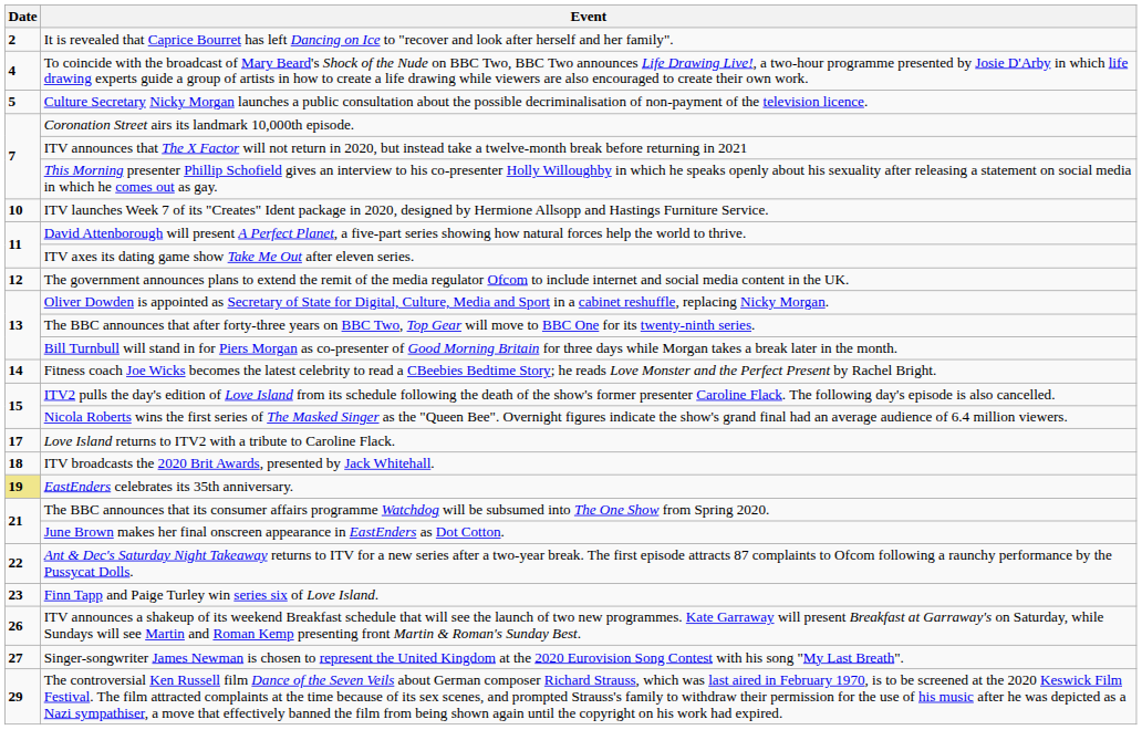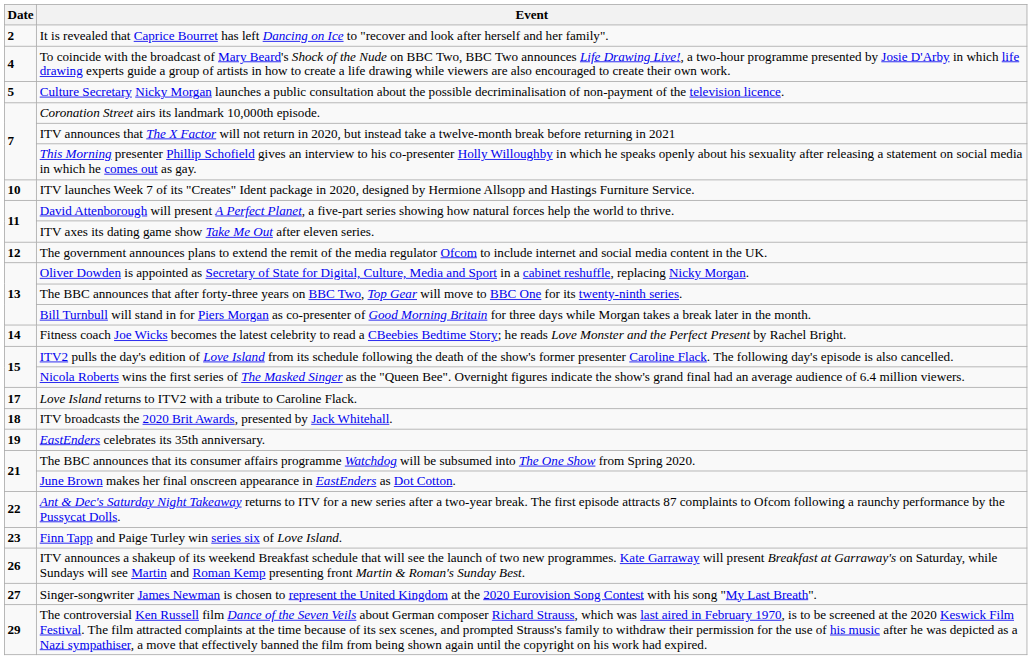 <table class="wikitable">
 <tr>
 <th>Date</th>
 <th>Event</th>
 </tr>
 <tr>
 <td><strong>2</strong></td>
 <td>It is revealed that <a href='#'>Caprice Bourret</a> has left <em><a href='#'>Dancing on Ice</a></em> to "recover and look after herself and her family".</td>
 </tr>
 <tr>
 <td><strong>4</strong></td>
 <td>To coincide with the broadcast of <a href='#'>Mary Beard</a>'s <em>Shock of the Nude</em> on BBC Two, BBC Two announces <em><a href='#'>Life Drawing Live!</a></em>, a two-hour programme presented by <a href='#'>Josie D'Arby</a> in which <a href='#'>life drawing</a> experts guide a group of artists in how to create a life drawing while viewers are also encouraged to create their own work.</td>
 </tr>
 <tr>
 <td><strong>5</strong></td>
 <td><a href='#'>Culture Secretary</a> <a href='#'>Nicky Morgan</a> launches a public consultation about the possible decriminalisation of non-payment of the <a href='#'>television licence</a>.</td>
 </tr>
 <tr>
 <td rowspan=3><strong>7</strong></td>
 <td><em>Coronation Street</em> airs its landmark 10,000th episode.</td>
 </tr>
 <tr>
 <td>ITV announces that <em><a href='#'>The X Factor</a></em> will not return in 2020, but instead take a twelve-month break before returning in 2021</td>
 </tr>
 <tr>
 <td><em><a href='#'>This Morning</a></em> presenter <a href='#'>Phillip Schofield</a> gives an interview to his co-presenter <a href='#'>Holly Willoughby</a> in which he speaks openly about his sexuality after releasing a statement on social media in which he <a href='#'>comes out</a> as gay.</td>
 </tr>
 <tr>
 <td><strong>10</strong></td>
 <td>ITV launches Week 7 of its "Creates" Ident package in 2020, designed by Hermione Allsopp and Hastings Furniture Service.</td>
 </tr>
 <tr>
 <td rowspan=2><strong>11</strong></td>
 <td><a href='#'>David Attenborough</a> will present <em><a href='#'>A Perfect Planet</a></em>, a five-part series showing how natural forces help the world to thrive.</td>
 </tr>
 <tr>
 <td>ITV axes its dating game show <em><a href='#'>Take Me Out</a></em> after eleven series.</td>
 </tr>
 <tr>
 <td><strong>12</strong></td>
 <td>The government announces plans to extend the remit of the media regulator <a href='#'>Ofcom</a> to include internet and social media content in the UK.</td>
 </tr>
 <tr>
 <td rowspan=3><strong>13</strong></td>
 <td><a href='#'>Oliver Dowden</a> is appointed as <a href='#'>Secretary of State for Digital, Culture, Media and Sport</a> in a <a href='#'>cabinet reshuffle</a>, replacing <a href='#'>Nicky Morgan</a>.</td>
 </tr>
 <tr>
 <td>The BBC announces that after forty-three years on <a href='#'>BBC Two</a>, <em><a href='#'>Top Gear</a></em> will move to <a href='#'>BBC One</a> for its <a href='#'>twenty-ninth series</a>.</td>
 </tr>
 <tr>
 <td><a href='#'>Bill Turnbull</a> will stand in for <a href='#'>Piers Morgan</a> as co-presenter of <em><a href='#'>Good Morning Britain</a></em> for three days while Morgan takes a break later in the month.</td>
 </tr>
 <tr>
 <td><strong>14</strong></td>
 <td>Fitness coach <a href='#'>Joe Wicks</a> becomes the latest celebrity to read a <a href='#'>CBeebies Bedtime Story</a>; he reads <em>Love Monster and the Perfect Present</em> by Rachel Bright.</td>
 </tr>
 <tr>
 <td rowspan=2><strong>15</strong></td>
 <td><a href='#'>ITV2</a> pulls the day's edition of <em><a href='#'>Love Island</a></em> from its schedule following the death of the show's former presenter <a href='#'>Caroline Flack</a>. The following day's episode is also cancelled.</td>
 </tr>
 <tr>
 <td><a href='#'>Nicola Roberts</a> wins the first series of <em><a href='#'>The Masked Singer</a></em> as the "Queen Bee". Overnight figures indicate the show's grand final had an average audience of 6.4 million viewers.</td>
 </tr>
 <tr>
 <td><strong>17</strong></td>
 <td><em>Love Island</em> returns to ITV2 with a tribute to Caroline Flack.</td>
 </tr>
 <tr>
 <td><strong>18</strong></td>
 <td>ITV broadcasts the <a href='#'>2020 Brit Awards</a>, presented by <a href='#'>Jack Whitehall</a>.</td>
 </tr>
 <tr>
-<td style="background: khaki;"><strong>19</strong></td>
+<td><strong>19</strong></td>
 <td><em><a href='#'>EastEnders</a></em> celebrates its 35th anniversary.</td>
 </tr>
 <tr>
 <td rowspan=2><strong>21</strong></td>
 <td>The BBC announces that its consumer affairs programme <em><a href='#'>Watchdog</a></em> will be subsumed into <em><a href='#'>The One Show</a></em> from Spring 2020.</td>
 </tr>
 <tr>
 <td><a href='#'>June Brown</a> makes her final onscreen appearance in <em><a href='#'>EastEnders</a></em> as <a href='#'>Dot Cotton</a>.</td>
 </tr>
 <tr>
 <td><strong>22</strong></td>
 <td><em><a href='#'>Ant & Dec's Saturday Night Takeaway</a></em> returns to ITV for a new series after a two-year break. The first episode attracts 87 complaints to Ofcom following a raunchy performance by the <a href='#'>Pussycat Dolls</a>.</td>
 </tr>
 <tr>
 <td><strong>23</strong></td>
 <td><a href='#'>Finn Tapp</a> and Paige Turley win <a href='#'>series six</a> of <em>Love Island</em>.</td>
 </tr>
 <tr>
 <td><strong>26</strong></td>
 <td>ITV announces a shakeup of its weekend Breakfast schedule that will see the launch of two new programmes. <a href='#'>Kate Garraway</a> will present <em>Breakfast at Garraway's</em> on Saturday, while Sundays will see <a href='#'>Martin</a> and <a href='#'>Roman Kemp</a> presenting front <em>Martin & Roman's Sunday Best</em>.</td>
 </tr>
 <tr>
 <td><strong>27</strong></td>
 <td>Singer-songwriter <a href='#'>James Newman</a> is chosen to <a href='#'>represent the United Kingdom</a> at the <a href='#'>2020 Eurovision Song Contest</a> with his song "<a href='#'>My Last Breath</a>".</td>
 </tr>
 <tr>
 <td><strong>29</strong></td>
 <td>The controversial <a href='#'>Ken Russell</a> film <em><a href='#'>Dance of the Seven Veils</a></em> about German composer <a href='#'>Richard Strauss</a>, which was <a href='#'>last aired in February 1970</a>, is to be screened at the 2020 <a href='#'>Keswick Film Festival</a>. The film attracted complaints at the time because of its sex scenes, and prompted Strauss's family to withdraw their permission for the use of <a href='#'>his music</a> after he was depicted as a <a href='#'>Nazi sympathiser</a>, a move that effectively banned the film from being shown again until the copyright on his work had expired.</td>
 </tr>
 </table>
